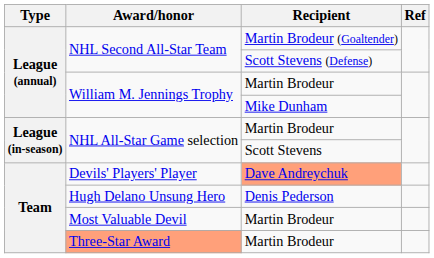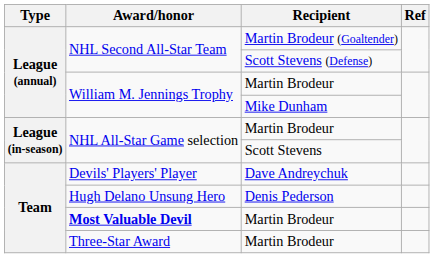 <table class="wikitable">
 <tr>
 <th scope="col">Type</th>
 <th scope="col">Award/honor</th>
 <th scope="col">Recipient</th>
 <th scope="col">Ref</th>
 </tr>
 <tr>
 <th scope="row" rowspan="4">League<br><small>(annual)</small></th>
 <td rowspan="2"><a href='#'>NHL Second All-Star Team</a></td>
 <td><a href='#'>Martin Brodeur</a> <small>(<a href='#'>Goaltender</a>)</small></td>
 <td rowspan="2"></td>
 </tr>
 <tr>
 <td><a href='#'>Scott Stevens</a> <small>(<a href='#'>Defense</a>)</small></td>
 </tr>
 <tr>
 <td rowspan="2"><a href='#'>William M. Jennings Trophy</a></td>
 <td>Martin Brodeur</td>
 <td rowspan="2"></td>
 </tr>
 <tr>
 <td><a href='#'>Mike Dunham</a></td>
 </tr>
 <tr>
 <th scope="row" rowspan=2>League<br><small>(in-season)</small></th>
 <td rowspan=2><a href='#'>NHL All-Star Game</a> selection</td>
 <td>Martin Brodeur</td>
 <td rowspan=2></td>
 </tr>
 <tr>
 <td>Scott Stevens</td>
 </tr>
 <tr>
 <th scope="row" rowspan="4">Team</th>
 <td><a href='#'>Devils' Players' Player</a></td>
-<td style="background: lightsalmon;"><a href='#'>Dave Andreychuk</a></td>
+<td><a href='#'>Dave Andreychuk</a></td>
 <td></td>
 </tr>
 <tr>
 <td><a href='#'>Hugh Delano Unsung Hero</a></td>
 <td><a href='#'>Denis Pederson</a></td>
 <td></td>
 </tr>
 <tr>
-<td><a href='#'>Most Valuable Devil</a></td>
+<td><strong><a href='#'>Most Valuable Devil</a></strong></td>
 <td>Martin Brodeur</td>
 <td></td>
 </tr>
 <tr>
-<td style="background: lightsalmon;"><a href='#'>Three-Star Award</a></td>
+<td><a href='#'>Three-Star Award</a></td>
 <td>Martin Brodeur</td>
 <td></td>
 </tr>
 </table>
